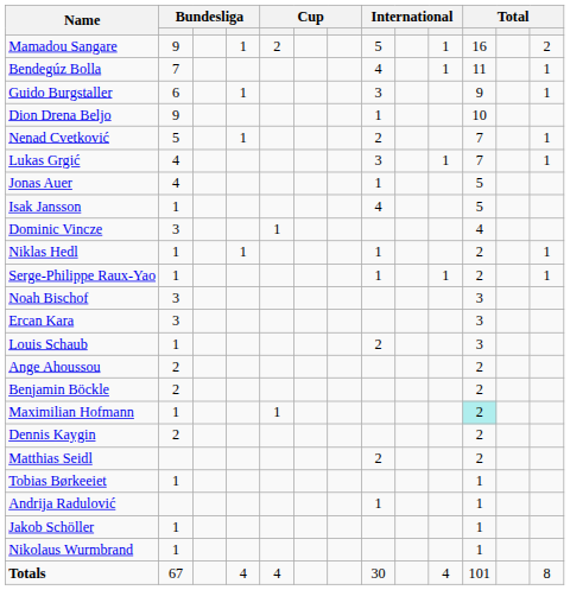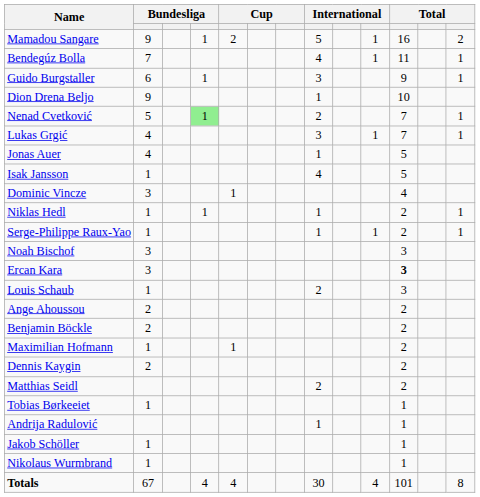 <table class="wikitable" style="text-align: center;">
 <tr>
 <th rowspan="2">Name</th>
 <th colspan="3">Bundesliga</th>
 <th colspan="3">Cup</th>
 <th colspan="3">International</th>
 <th colspan="3"><strong>Total</strong></th>
 </tr>
 <tr>
 <th width=30></th>
 <th width=30></th>
 <th width=30></th>
 <th width=30></th>
 <th width=30></th>
 <th width=30></th>
 <th width=30></th>
 <th width=30></th>
 <th width=30></th>
 <th width=30></th>
 <th width=30></th>
 <th width=30></th>
 </tr>
 <tr>
 <td align="left"> <a href='#'>Mamadou Sangare</a></td>
 <td>9</td>
 <td></td>
 <td>1</td>
 <td>2</td>
 <td></td>
 <td></td>
 <td>5</td>
 <td></td>
 <td>1</td>
 <td>16</td>
 <td></td>
 <td>2</td>
 </tr>
 <tr>
 <td align="left"> <a href='#'>Bendegúz Bolla</a></td>
 <td>7</td>
 <td></td>
 <td></td>
 <td></td>
 <td></td>
 <td></td>
 <td>4</td>
 <td></td>
 <td>1</td>
 <td>11</td>
 <td></td>
 <td>1</td>
 </tr>
 <tr>
 <td align="left"> <a href='#'>Guido Burgstaller</a></td>
 <td>6</td>
 <td></td>
 <td>1</td>
 <td></td>
 <td></td>
 <td></td>
 <td>3</td>
 <td></td>
 <td></td>
 <td>9</td>
 <td></td>
 <td>1</td>
 </tr>
 <tr>
 <td align="left"> <a href='#'>Dion Drena Beljo</a></td>
 <td>9</td>
 <td></td>
 <td></td>
 <td></td>
 <td></td>
 <td></td>
 <td>1</td>
 <td></td>
 <td></td>
 <td>10</td>
 <td></td>
 <td></td>
 </tr>
 <tr>
 <td align="left"> <a href='#'>Nenad Cvetković</a></td>
 <td>5</td>
 <td></td>
-<td>1</td>
+<td style="background: lightgreen;">1</td>
 <td></td>
 <td></td>
 <td></td>
 <td>2</td>
 <td></td>
 <td></td>
 <td>7</td>
 <td></td>
 <td>1</td>
 </tr>
 <tr>
 <td align="left"> <a href='#'>Lukas Grgić</a></td>
 <td>4</td>
 <td></td>
 <td></td>
 <td></td>
 <td></td>
 <td></td>
 <td>3</td>
 <td></td>
 <td>1</td>
 <td>7</td>
 <td></td>
 <td>1</td>
 </tr>
 <tr>
 <td align="left"> <a href='#'>Jonas Auer</a></td>
 <td>4</td>
 <td></td>
 <td></td>
 <td></td>
 <td></td>
 <td></td>
 <td>1</td>
 <td></td>
 <td></td>
 <td>5</td>
 <td></td>
 <td></td>
 </tr>
 <tr>
 <td align="left"> <a href='#'>Isak Jansson</a></td>
 <td>1</td>
 <td></td>
 <td></td>
 <td></td>
 <td></td>
 <td></td>
 <td>4</td>
 <td></td>
 <td></td>
 <td>5</td>
 <td></td>
 <td></td>
 </tr>
 <tr>
 <td align="left"> <a href='#'>Dominic Vincze</a></td>
 <td>3</td>
 <td></td>
 <td></td>
 <td>1</td>
 <td></td>
 <td></td>
 <td></td>
 <td></td>
 <td></td>
 <td>4</td>
 <td></td>
 <td></td>
 </tr>
 <tr>
 <td align="left"> <a href='#'>Niklas Hedl</a></td>
 <td>1</td>
 <td></td>
 <td>1</td>
 <td></td>
 <td></td>
 <td></td>
 <td>1</td>
 <td></td>
 <td></td>
 <td>2</td>
 <td></td>
 <td>1</td>
 </tr>
 <tr>
 <td align="left"> <a href='#'>Serge-Philippe Raux-Yao</a></td>
 <td>1</td>
 <td></td>
 <td></td>
 <td></td>
 <td></td>
 <td></td>
 <td>1</td>
 <td></td>
 <td>1</td>
 <td>2</td>
 <td></td>
 <td>1</td>
 </tr>
 <tr>
 <td align="left"> <a href='#'>Noah Bischof</a></td>
 <td>3</td>
 <td></td>
 <td></td>
 <td></td>
 <td></td>
 <td></td>
 <td></td>
 <td></td>
 <td></td>
 <td>3</td>
 <td></td>
 <td></td>
 </tr>
 <tr>
 <td align="left"> <a href='#'>Ercan Kara</a></td>
 <td>3</td>
 <td></td>
 <td></td>
 <td></td>
 <td></td>
 <td></td>
 <td></td>
 <td></td>
 <td></td>
-<td>3</td>
+<td><strong>3</strong></td>
 <td></td>
 <td></td>
 </tr>
 <tr>
 <td align="left"> <a href='#'>Louis Schaub</a></td>
 <td>1</td>
 <td></td>
 <td></td>
 <td></td>
 <td></td>
 <td></td>
 <td>2</td>
 <td></td>
 <td></td>
 <td>3</td>
 <td></td>
 <td></td>
 </tr>
 <tr>
 <td align="left"> <a href='#'>Ange Ahoussou</a></td>
 <td>2</td>
 <td></td>
 <td></td>
 <td></td>
 <td></td>
 <td></td>
 <td></td>
 <td></td>
 <td></td>
 <td>2</td>
 <td></td>
 <td></td>
 </tr>
 <tr>
 <td align="left"> <a href='#'>Benjamin Böckle</a></td>
 <td>2</td>
 <td></td>
 <td></td>
 <td></td>
 <td></td>
 <td></td>
 <td></td>
 <td></td>
 <td></td>
 <td>2</td>
 <td></td>
 <td></td>
 </tr>
 <tr>
 <td align="left"> <a href='#'>Maximilian Hofmann</a></td>
 <td>1</td>
 <td></td>
 <td></td>
 <td>1</td>
 <td></td>
 <td></td>
 <td></td>
 <td></td>
 <td></td>
-<td style="background: paleturquoise;">2</td>
+<td>2</td>
 <td></td>
 <td></td>
 </tr>
 <tr>
 <td align="left"> <a href='#'>Dennis Kaygin</a></td>
 <td>2</td>
 <td></td>
 <td></td>
 <td></td>
 <td></td>
 <td></td>
 <td></td>
 <td></td>
 <td></td>
 <td>2</td>
 <td></td>
 <td></td>
 </tr>
 <tr>
 <td align="left"> <a href='#'>Matthias Seidl</a></td>
 <td></td>
 <td></td>
 <td></td>
 <td></td>
 <td></td>
 <td></td>
 <td>2</td>
 <td></td>
 <td></td>
 <td>2</td>
 <td></td>
 <td></td>
 </tr>
 <tr>
 <td align="left"> <a href='#'>Tobias Børkeeiet</a></td>
 <td>1</td>
 <td></td>
 <td></td>
 <td></td>
 <td></td>
 <td></td>
 <td></td>
 <td></td>
 <td></td>
 <td>1</td>
 <td></td>
 <td></td>
 </tr>
 <tr>
 <td align="left"> <a href='#'>Andrija Radulović</a></td>
 <td></td>
 <td></td>
 <td></td>
 <td></td>
 <td></td>
 <td></td>
 <td>1</td>
 <td></td>
 <td></td>
 <td>1</td>
 <td></td>
 <td></td>
 </tr>
 <tr>
 <td align="left"> <a href='#'>Jakob Schöller</a></td>
 <td>1</td>
 <td></td>
 <td></td>
 <td></td>
 <td></td>
 <td></td>
 <td></td>
 <td></td>
 <td></td>
 <td>1</td>
 <td></td>
 <td></td>
 </tr>
 <tr>
 <td align="left"> <a href='#'>Nikolaus Wurmbrand</a></td>
 <td>1</td>
 <td></td>
 <td></td>
 <td></td>
 <td></td>
 <td></td>
 <td></td>
 <td></td>
 <td></td>
 <td>1</td>
 <td></td>
 <td></td>
 </tr>
 <tr class="sortbottom">
 <td align="left"><strong>Totals</strong></td>
 <td>67</td>
 <td></td>
 <td>4</td>
 <td>4</td>
 <td></td>
 <td></td>
 <td>30</td>
 <td></td>
 <td>4</td>
 <td>101</td>
 <td></td>
 <td>8</td>
 </tr>
 </table>
